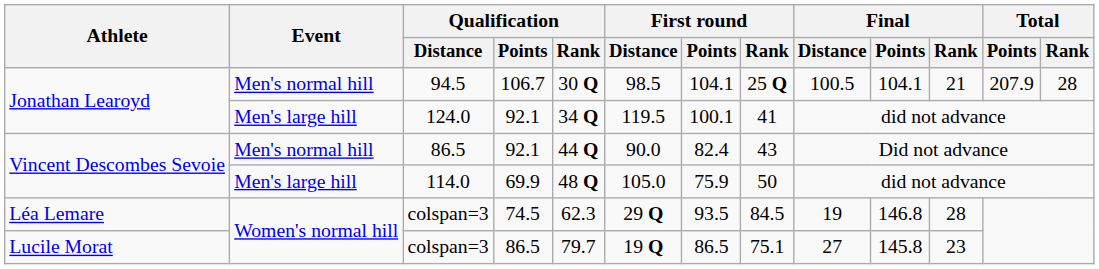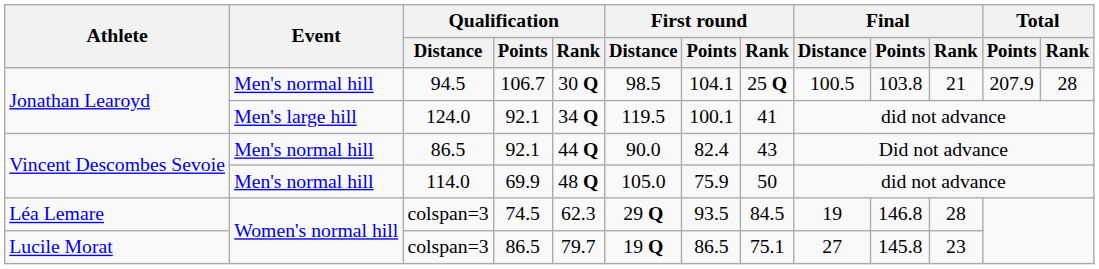 <table class="wikitable" style="font-size:90%">
 <tr>
 <th rowspan=2>Athlete</th>
 <th rowspan=2>Event</th>
 <th colspan=3>Qualification</th>
 <th colspan=3>First round</th>
 <th colspan=3>Final</th>
 <th colspan=2>Total</th>
 </tr>
 <tr style="font-size:95%">
 <th>Distance</th>
 <th>Points</th>
 <th>Rank</th>
 <th>Distance</th>
 <th>Points</th>
 <th>Rank</th>
 <th>Distance</th>
 <th>Points</th>
 <th>Rank</th>
 <th>Points</th>
 <th>Rank</th>
 </tr>
 <tr align=center>
 <td align=left rowspan=2><a href='#'>Jonathan Learoyd</a></td>
 <td align=left><a href='#'>Men's normal hill</a></td>
 <td>94.5</td>
 <td>106.7</td>
 <td>30 <strong>Q</strong></td>
 <td>98.5</td>
 <td>104.1</td>
 <td>25 <strong>Q</strong></td>
 <td>100.5</td>
-<td>104.1</td>
+<td>103.8</td>
 <td>21</td>
 <td>207.9</td>
 <td>28</td>
 </tr>
 <tr align=center>
 <td align=left><a href='#'>Men's large hill</a></td>
 <td>124.0</td>
 <td>92.1</td>
 <td>34 <strong>Q</strong></td>
 <td>119.5</td>
 <td>100.1</td>
 <td>41</td>
 <td colspan=5>did not advance</td>
 </tr>
 <tr align=center>
 <td align=left rowspan=2><a href='#'>Vincent Descombes Sevoie</a></td>
 <td align=left><a href='#'>Men's normal hill</a></td>
 <td>86.5</td>
 <td>92.1</td>
 <td>44 <strong>Q</strong></td>
 <td>90.0</td>
 <td>82.4</td>
 <td>43</td>
 <td colspan=5>Did not advance</td>
 </tr>
 <tr align=center>
-<td align=left><a href='#'>Men's large hill</a></td>
+<td align=left><a href='#'>Men's normal hill</a></td>
 <td>114.0</td>
 <td>69.9</td>
 <td>48 <strong>Q</strong></td>
 <td>105.0</td>
 <td>75.9</td>
 <td>50</td>
 <td colspan=5>did not advance</td>
 </tr>
 <tr align=center>
 <td align=left><a href='#'>Léa Lemare</a></td>
 <td align=left rowspan=2><a href='#'>Women's normal hill</a></td>
 <td>colspan=3 </td>
 <td>74.5</td>
 <td>62.3</td>
 <td>29 <strong>Q</strong></td>
 <td>93.5</td>
 <td>84.5</td>
 <td>19</td>
 <td>146.8</td>
 <td>28</td>
 </tr>
 <tr align=center>
 <td align=left><a href='#'>Lucile Morat</a></td>
 <td>colspan=3 </td>
 <td>86.5</td>
 <td>79.7</td>
 <td>19 <strong>Q</strong></td>
 <td>86.5</td>
 <td>75.1</td>
 <td>27</td>
 <td>145.8</td>
 <td>23</td>
 </tr>
 </table>
